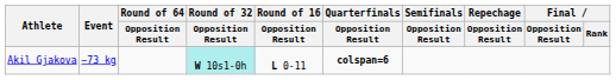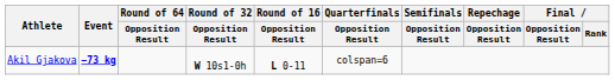 <table class="wikitable" style="text-align:center; font-size:90%">
 <tr>
 <th rowspan=2>Athlete</th>
 <th rowspan=2>Event</th>
 <th>Round of 64</th>
 <th>Round of 32</th>
 <th>Round of 16</th>
 <th>Quarterfinals</th>
 <th>Semifinals</th>
 <th>Repechage</th>
 <th colspan=2>Final / </th>
 </tr>
 <tr style="font-size:95%">
 <th>Opposition<br>Result</th>
 <th>Opposition<br>Result</th>
 <th>Opposition<br>Result</th>
 <th>Opposition<br>Result</th>
 <th>Opposition<br>Result</th>
 <th>Opposition<br>Result</th>
 <th>Opposition<br>Result</th>
 <th>Rank</th>
 </tr>
 <tr>
 <td align=left><a href='#'>Akil Gjakova</a></td>
-<td align=left><a href='#'>−73 kg</a></td>
+<td align=left><strong><a href='#'>−73 kg</a></strong></td>
 <td></td>
-<td style="background: paleturquoise;"><br><strong>W</strong> 10s1-0h</td>
+<td><br><strong>W</strong> 10s1-0h</td>
 <td><br><strong>L</strong> 0-11</td>
-<td><strong>colspan=6 </strong></td>
+<td>colspan=6 </td>
 </tr>
 </table>
